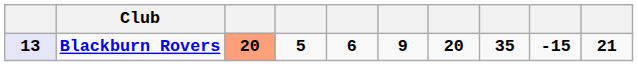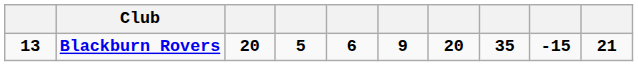 <table class="wikitable" style="text-align:center;border:1px solid #AAAAAA;font-size:90%">
 <tr>
 <th width=30></th>
 <th>Club</th>
 <th width=30></th>
 <th width=30></th>
 <th width=30></th>
 <th width=30></th>
 <th width=30></th>
 <th width=30></th>
 <th width=30></th>
 <th width=30></th>
 </tr>
 <tr>
-<td style="background: lavender;"><strong>13</strong></td>
+<td><strong>13</strong></td>
 <td align=left><strong><a href='#'>Blackburn Rovers</a></strong></td>
-<td style="background: lightsalmon;"><strong>20</strong></td>
+<td><strong>20</strong></td>
 <td><strong>5</strong></td>
 <td><strong>6</strong></td>
 <td><strong>9</strong></td>
 <td><strong>20</strong></td>
 <td><strong>35</strong></td>
 <td><strong>-15</strong></td>
 <td><strong>21</strong></td>
 </tr>
 </table>
